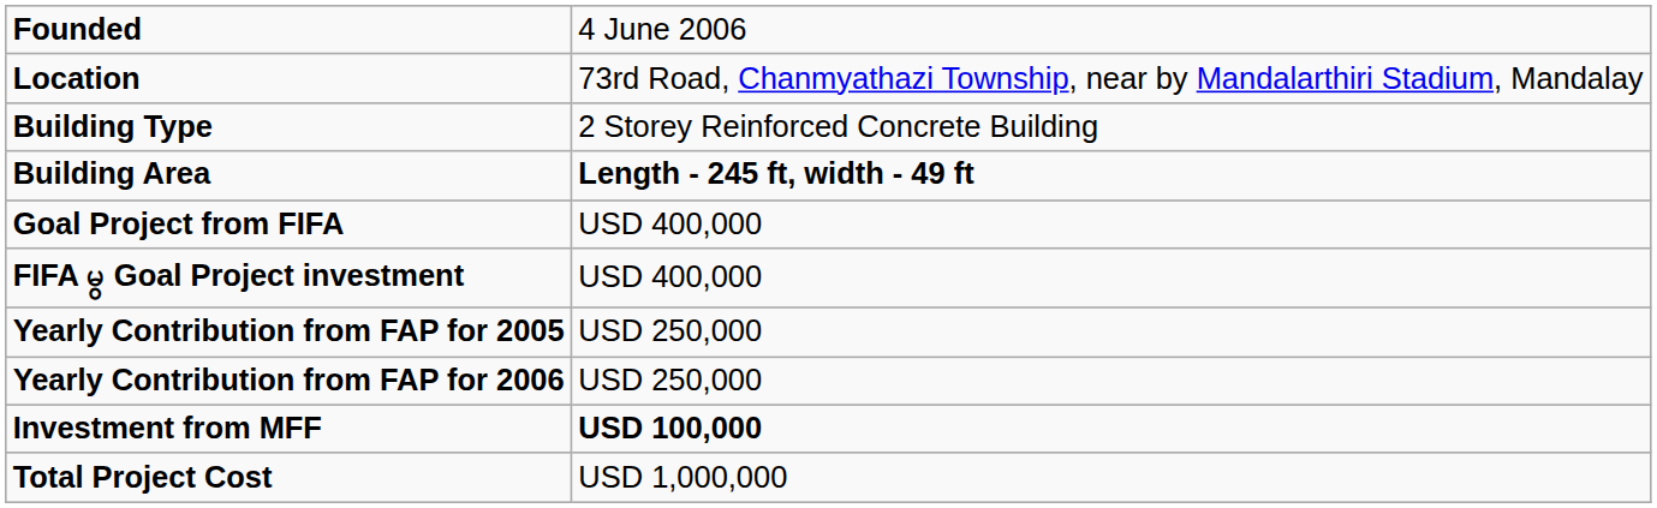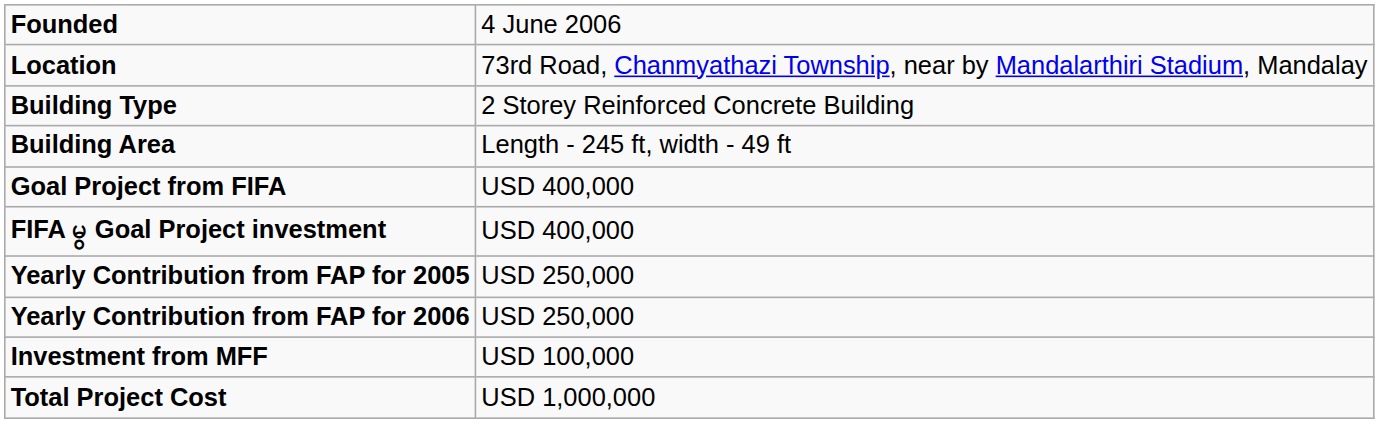 <table class=wikitable>
 <tr>
 <td><strong>Founded</strong></td>
 <td>4 June 2006</td>
 </tr>
 <tr>
 <td><strong>Location</strong></td>
 <td>73rd Road, <a href='#'>Chanmyathazi Township</a>, near by <a href='#'>Mandalarthiri Stadium</a>, Mandalay</td>
 </tr>
 <tr>
 <td><strong>Building Type</strong></td>
 <td>2 Storey Reinforced Concrete Building</td>
 </tr>
 <tr>
 <td><strong>Building Area</strong></td>
-<td><strong>Length - 245 ft, width - 49 ft</strong></td>
+<td>Length - 245 ft, width - 49 ft</td>
 </tr>
 <tr>
 <td><strong>Goal Project from FIFA </strong></td>
 <td>USD 400,000</td>
 </tr>
 <tr>
 <td><strong>FIFA မွ Goal Project investment</strong></td>
 <td>USD 400,000</td>
 </tr>
 <tr>
 <td><strong>Yearly Contribution from FAP for 2005</strong></td>
 <td>USD 250,000</td>
 </tr>
 <tr>
 <td><strong>Yearly Contribution from FAP for 2006</strong></td>
 <td>USD 250,000</td>
 </tr>
 <tr>
 <td><strong>Investment from MFF</strong></td>
-<td><strong>USD 100,000</strong></td>
+<td>USD 100,000</td>
 </tr>
 <tr>
 <td><strong>Total Project Cost</strong></td>
 <td>USD 1,000,000</td>
 </tr>
 </table>
